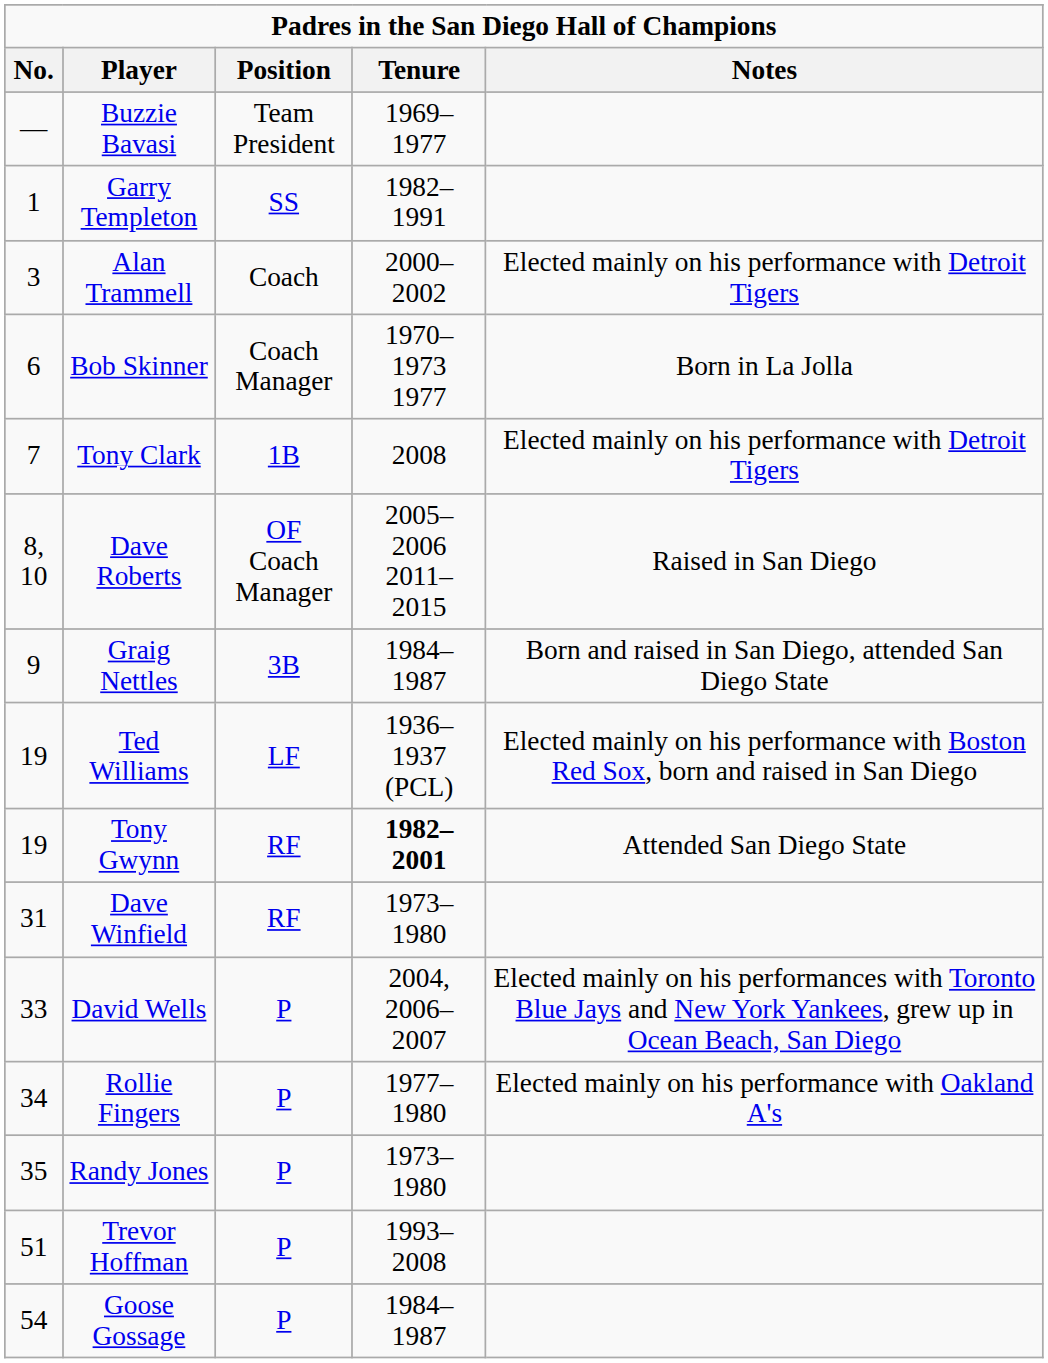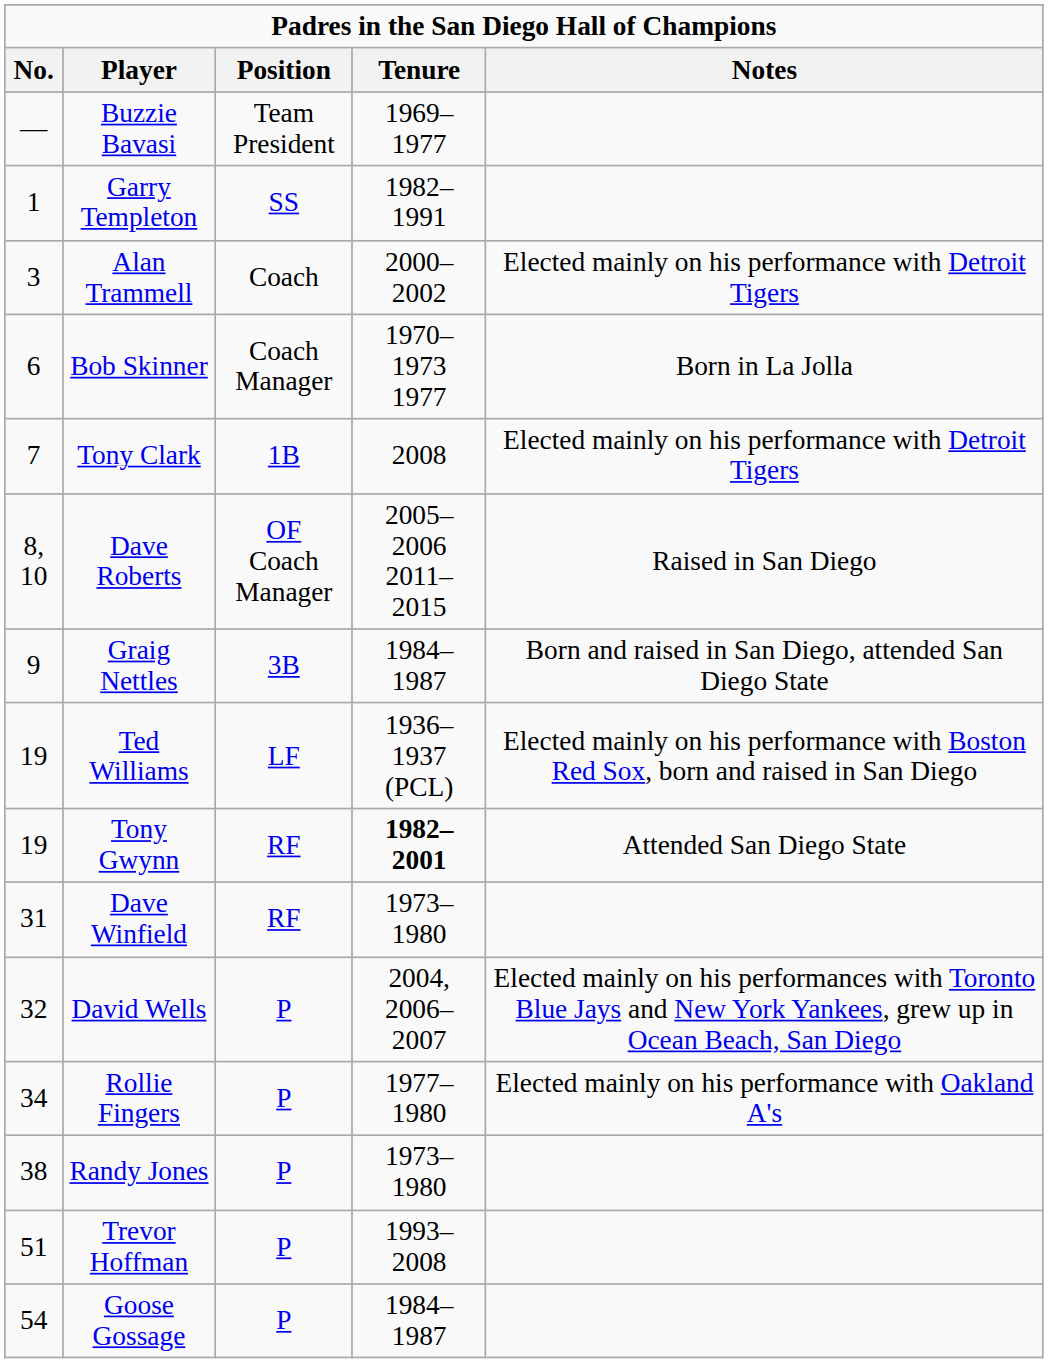 <table class="wikitable" style="text-align:center">
 <tr>
 <td colspan="5"><strong>Padres in the San Diego Hall of Champions</strong></td>
 </tr>
 <tr>
 <th>No.</th>
 <th>Player</th>
 <th>Position</th>
 <th>Tenure</th>
 <th>Notes</th>
 </tr>
 <tr>
 <td>—</td>
 <td><a href='#'>Buzzie Bavasi</a></td>
 <td>Team President</td>
 <td>1969–1977</td>
 <td></td>
 </tr>
 <tr>
 <td>1</td>
 <td><a href='#'>Garry Templeton</a></td>
 <td><a href='#'>SS</a></td>
 <td>1982–1991</td>
 <td></td>
 </tr>
 <tr>
 <td>3</td>
 <td><a href='#'>Alan Trammell</a></td>
 <td>Coach</td>
 <td>2000–2002</td>
 <td>Elected mainly on his performance with <a href='#'>Detroit Tigers</a></td>
 </tr>
 <tr>
 <td>6</td>
 <td><a href='#'>Bob Skinner</a></td>
 <td>Coach<br>Manager</td>
 <td>1970–1973<br>1977</td>
 <td>Born in La Jolla</td>
 </tr>
 <tr>
 <td>7</td>
 <td><a href='#'>Tony Clark</a></td>
 <td><a href='#'>1B</a></td>
 <td>2008</td>
 <td>Elected mainly on his performance with <a href='#'>Detroit Tigers</a></td>
 </tr>
 <tr>
 <td>8, 10</td>
 <td><a href='#'>Dave Roberts</a></td>
 <td><a href='#'>OF</a><br>Coach<br>Manager</td>
 <td>2005–2006<br>2011–2015</td>
 <td>Raised in San Diego</td>
 </tr>
 <tr>
 <td>9</td>
 <td><a href='#'>Graig Nettles</a></td>
 <td><a href='#'>3B</a></td>
 <td>1984–1987</td>
 <td>Born and raised in San Diego, attended San Diego State</td>
 </tr>
 <tr>
 <td>19</td>
 <td><a href='#'>Ted Williams</a></td>
 <td><a href='#'>LF</a></td>
 <td>1936–1937 (PCL)</td>
 <td>Elected mainly on his performance with <a href='#'>Boston Red Sox</a>, born and raised in San Diego</td>
 </tr>
 <tr>
 <td>19</td>
 <td><a href='#'>Tony Gwynn</a></td>
 <td><a href='#'>RF</a></td>
 <td><strong>1982–2001</strong></td>
 <td>Attended San Diego State</td>
 </tr>
 <tr>
 <td>31</td>
 <td><a href='#'>Dave Winfield</a></td>
 <td><a href='#'>RF</a></td>
 <td>1973–1980</td>
 <td></td>
 </tr>
 <tr>
-<td>33</td>
+<td>32</td>
 <td><a href='#'>David Wells</a></td>
 <td><a href='#'>P</a></td>
 <td>2004, 2006–2007</td>
 <td>Elected mainly on his performances with <a href='#'>Toronto Blue Jays</a> and <a href='#'>New York Yankees</a>, grew up in <a href='#'>Ocean Beach, San Diego</a></td>
 </tr>
 <tr>
 <td>34</td>
 <td><a href='#'>Rollie Fingers</a></td>
 <td><a href='#'>P</a></td>
 <td>1977–1980</td>
 <td>Elected mainly on his performance with <a href='#'>Oakland A's</a></td>
 </tr>
 <tr>
-<td>35</td>
+<td>38</td>
 <td><a href='#'>Randy Jones</a></td>
 <td><a href='#'>P</a></td>
 <td>1973–1980</td>
 <td></td>
 </tr>
 <tr>
 <td>51</td>
 <td><a href='#'>Trevor Hoffman</a></td>
 <td><a href='#'>P</a></td>
 <td>1993–2008</td>
 <td></td>
 </tr>
 <tr>
 <td>54</td>
 <td><a href='#'>Goose Gossage</a></td>
 <td><a href='#'>P</a></td>
 <td>1984–1987</td>
 <td></td>
 </tr>
 </table>
